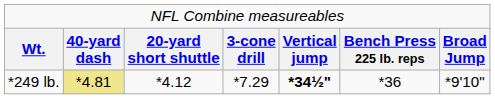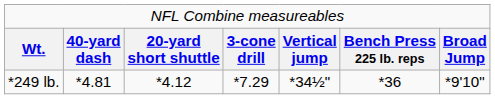 <table class="wikitable">
 <tr>
 <td colspan="10" align="center"><em>NFL Combine measureables</em></td>
 </tr>
 <tr>
 <th><a href='#'>Wt.</a></th>
 <th><a href='#'>40-yard<br>dash</a></th>
 <th><a href='#'>20-yard<br>short shuttle</a></th>
 <th><a href='#'>3-cone<br>drill</a></th>
 <th><a href='#'>Vertical<br>jump</a></th>
 <th><a href='#'>Bench Press</a><br><small>225 lb. reps</small></th>
 <th><a href='#'>Broad<br>Jump</a></th>
 </tr>
 <tr>
 <td ALIGN="center">*249 lb.</td>
-<td ALIGN="center" style="background: khaki;">*4.81</td>
+<td ALIGN="center">*4.81</td>
 <td ALIGN="center">*4.12</td>
 <td ALIGN="center">*7.29</td>
-<td ALIGN="center"><strong>*34½"</strong></td>
+<td ALIGN="center">*34½"</td>
 <td ALIGN="center">*36</td>
 <td ALIGN="center">*9'10"</td>
 </tr>
 </table>
